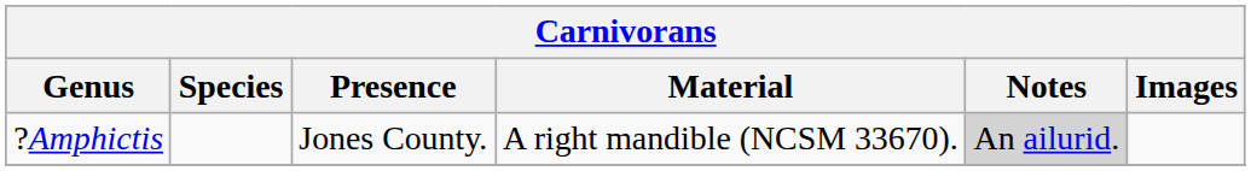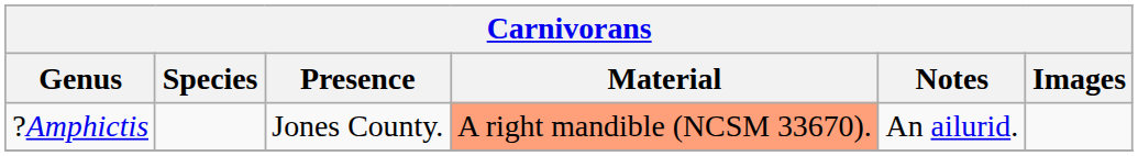 <table class="wikitable" align="center">
 <tr>
 <th colspan="6" align="center"><strong><a href='#'>Carnivorans</a></strong></th>
 </tr>
 <tr>
 <th>Genus</th>
 <th>Species</th>
 <th>Presence</th>
 <th><strong>Material</strong></th>
 <th>Notes</th>
 <th>Images</th>
 </tr>
 <tr>
 <td>?<em><a href='#'>Amphictis</a></em></td>
 <td></td>
 <td>Jones County.</td>
-<td>A right mandible (NCSM 33670).</td>
-<td style="background: lightgrey;">An <a href='#'>ailurid</a>.</td>
+<td style="background: lightsalmon;">A right mandible (NCSM 33670).</td>
+<td>An <a href='#'>ailurid</a>.</td>
 <td></td>
 </tr>
 <tr>
 </tr>
 </table>
